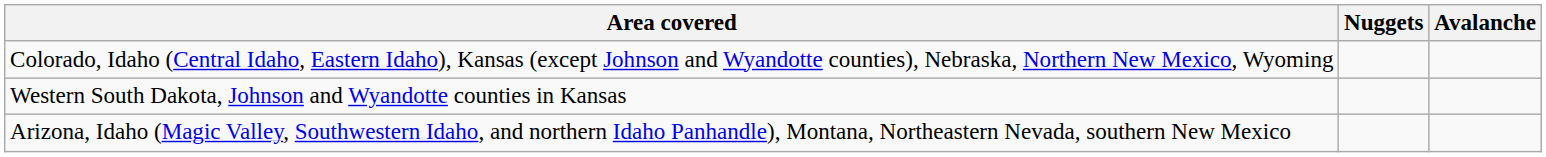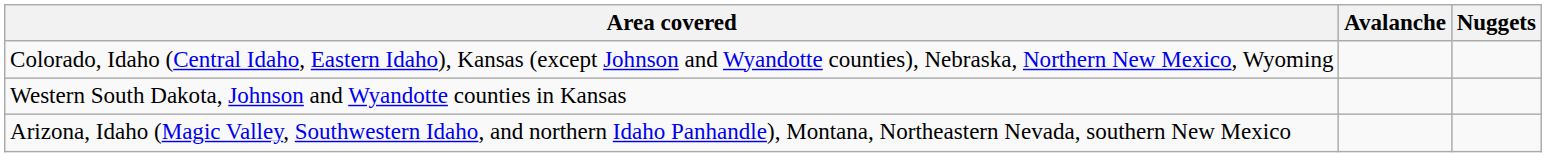 <table class="wikitable">
 <tr>
 <th>Area covered</th>
+<th>Avalanche</th>
 <th>Nuggets</th>
-<th>Avalanche</th>
 </tr>
 <tr>
 <td>Colorado, Idaho (<a href='#'>Central Idaho</a>, <a href='#'>Eastern Idaho</a>), Kansas (except <a href='#'>Johnson</a> and <a href='#'>Wyandotte</a> counties), Nebraska, <a href='#'>Northern New Mexico</a>, Wyoming</td>
 <td></td>
 <td></td>
 </tr>
 <tr>
 <td>Western South Dakota, <a href='#'>Johnson</a> and <a href='#'>Wyandotte</a> counties in Kansas</td>
 <td></td>
 <td></td>
 </tr>
 <tr>
 <td>Arizona, Idaho (<a href='#'>Magic Valley</a>, <a href='#'>Southwestern Idaho</a>, and northern <a href='#'>Idaho Panhandle</a>), Montana, Northeastern Nevada, southern New Mexico</td>
 <td></td>
 <td></td>
 </tr>
 </table>
